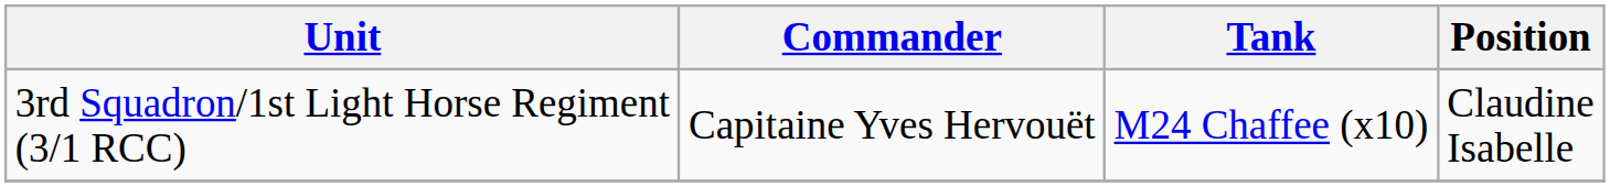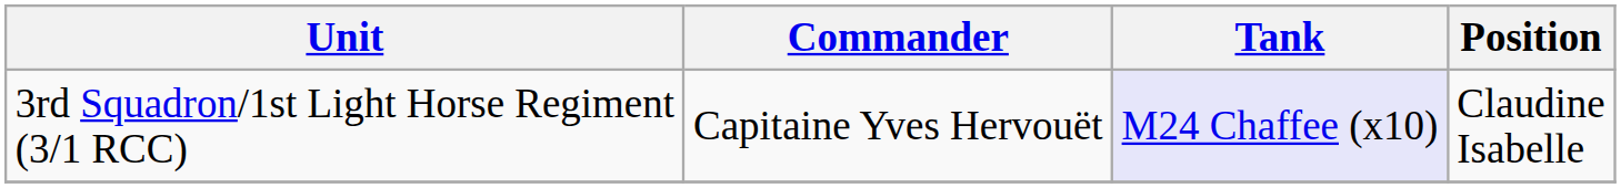 <table class="wikitable">
 <tr>
 <th><strong><a href='#'>Unit</a></strong></th>
 <th><strong><a href='#'>Commander</a></strong></th>
 <th><strong><a href='#'>Tank</a></strong></th>
 <th><strong>Position</strong></th>
 </tr>
 <tr>
 <td>3rd <a href='#'>Squadron</a>/1st Light Horse Regiment<br> (3/1 RCC)</td>
 <td>Capitaine Yves Hervouët</td>
-<td><a href='#'>M24 Chaffee</a> (x10)</td>
+<td style="background: lavender;"><a href='#'>M24 Chaffee</a> (x10)</td>
 <td>Claudine<br> Isabelle</td>
 </tr>
 <tr>
 </tr>
 </table>
